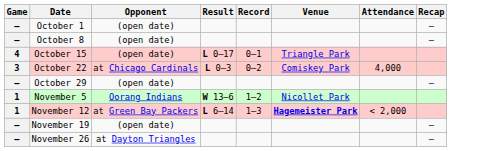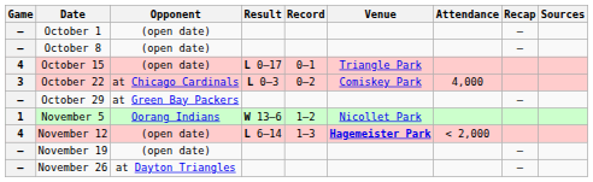 <table class="wikitable" style="text-align:center">
 <tr>
 <th>Game</th>
 <th>Date</th>
 <th>Opponent</th>
 <th>Result</th>
 <th>Record</th>
 <th>Venue</th>
 <th>Attendance</th>
 <th>Recap</th>
+<th>Sources</th>
 </tr>
 <tr>
 <th>—</th>
 <td>October 1</td>
 <td>(open date)</td>
 <td></td>
 <td></td>
 <td></td>
 <td></td>
 <td>—</td>
+<td></td>
 </tr>
 <tr>
 <th>—</th>
 <td>October 8</td>
 <td>(open date)</td>
 <td></td>
 <td></td>
 <td></td>
 <td></td>
 <td>—</td>
+<td></td>
 </tr>
 <tr style="background:#fcc">
 <th>4</th>
 <td>October 15</td>
 <td>(open date)</td>
 <td><strong>L</strong> 0–17</td>
 <td>0–1</td>
 <td><a href='#'>Triangle Park</a></td>
+<td></td>
 <td></td>
 <td></td>
 </tr>
 <tr style="background:#fcc">
 <th>3</th>
 <td>October 22</td>
 <td>at <a href='#'>Chicago Cardinals</a></td>
 <td><strong>L</strong> 0–3</td>
 <td>0–2</td>
 <td><a href='#'>Comiskey Park</a></td>
 <td>4,000</td>
 <td></td>
+<td></td>
 </tr>
 <tr>
 <th>—</th>
 <td>October 29</td>
-<td>(open date)</td>
+<td>at <a href='#'>Green Bay Packers</a></td>
 <td></td>
 <td></td>
 <td></td>
 <td></td>
 <td>—</td>
+<td></td>
 </tr>
 <tr style="background:#cfc">
 <th>1</th>
 <td>November 5</td>
 <td><a href='#'>Oorang Indians</a></td>
 <td><strong>W</strong> 13–6</td>
 <td>1–2</td>
 <td><a href='#'>Nicollet Park</a></td>
 <td></td>
 <td></td>
+<td></td>
 </tr>
 <tr style="background:#fcc">
-<th>1</th>
+<th>4</th>
 <td>November 12</td>
-<td>at <a href='#'>Green Bay Packers</a></td>
+<td>(open date)</td>
 <td><strong>L</strong> 6–14</td>
 <td>1–3</td>
 <td><strong><a href='#'>Hagemeister Park</a></strong></td>
 <td>< 2,000</td>
+<td></td>
 <td></td>
 </tr>
 <tr>
 <th>—</th>
 <td>November 19</td>
 <td>(open date)</td>
 <td></td>
 <td></td>
 <td></td>
 <td></td>
 <td>—</td>
+<td></td>
 </tr>
 <tr>
 <th>—</th>
 <td>November 26</td>
 <td>at <a href='#'>Dayton Triangles</a></td>
 <td></td>
 <td></td>
 <td></td>
 <td></td>
 <td>—</td>
+<td></td>
 </tr>
 </table>
